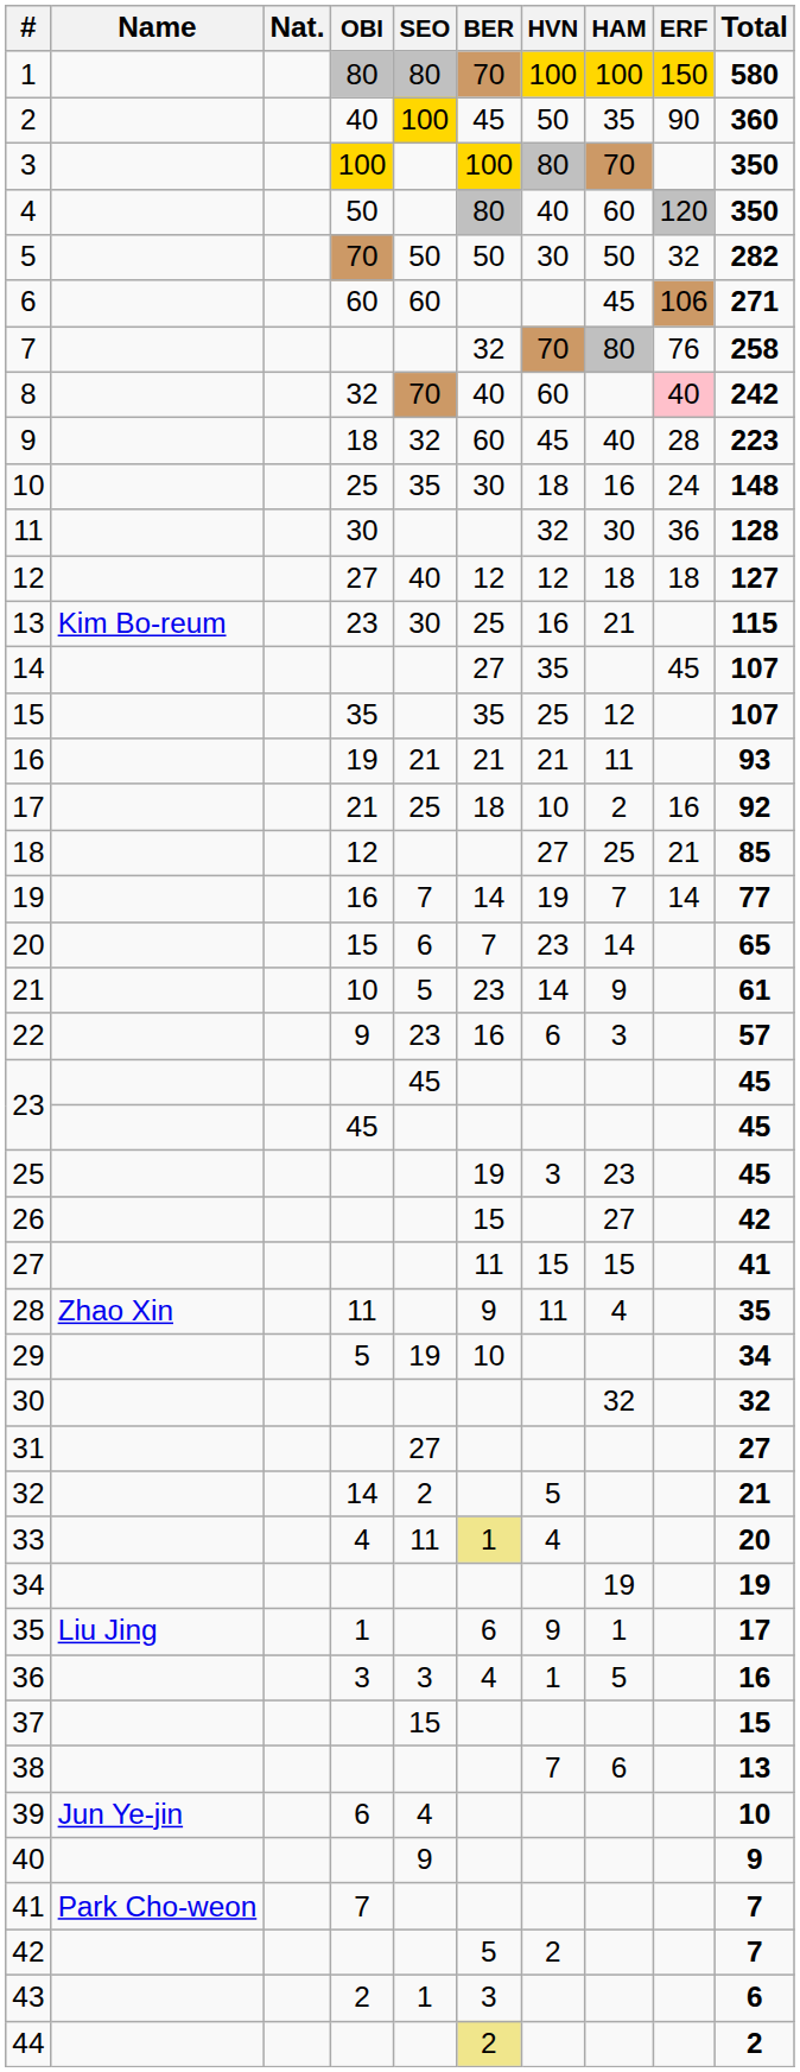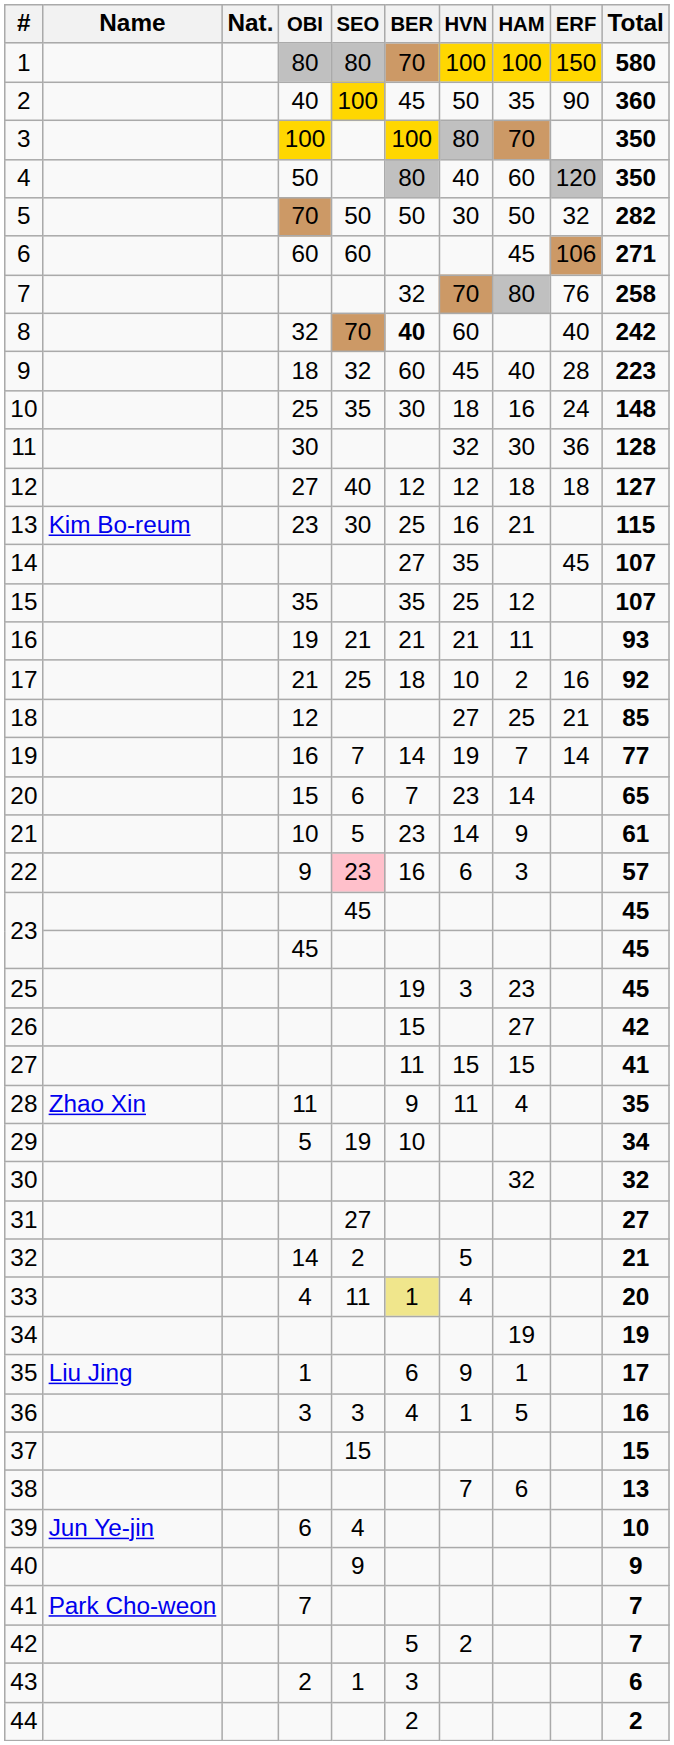 <table class="wikitable sortable" style="text-align:center;">
 <tr>
 <th>#</th>
 <th>Name</th>
 <th>Nat.</th>
 <th><small>OBI</small></th>
 <th><small>SEO</small></th>
 <th><small>BER</small></th>
 <th><small>HVN</small></th>
 <th><small>HAM </small></th>
 <th><small>ERF </small></th>
 <th>Total</th>
 </tr>
 <tr>
 <td>1</td>
 <td align=left></td>
 <td></td>
 <td bgcolor=silver>80</td>
 <td bgcolor=silver>80</td>
 <td bgcolor=cc9966>70</td>
 <td bgcolor=gold>100</td>
 <td bgcolor=gold>100</td>
 <td bgcolor=gold>150</td>
 <td><strong>580</strong></td>
 </tr>
 <tr>
 <td>2</td>
 <td align=left></td>
 <td></td>
 <td>40</td>
 <td bgcolor=gold>100</td>
 <td>45</td>
 <td>50</td>
 <td>35</td>
 <td>90</td>
 <td><strong>360</strong></td>
 </tr>
 <tr>
 <td>3</td>
 <td align=left></td>
 <td></td>
 <td bgcolor=gold>100</td>
 <td></td>
 <td bgcolor=gold>100</td>
 <td bgcolor=silver>80</td>
 <td bgcolor=cc9966>70</td>
 <td></td>
 <td><strong>350</strong></td>
 </tr>
 <tr>
 <td>4</td>
 <td align=left></td>
 <td></td>
 <td>50</td>
 <td></td>
 <td bgcolor=silver>80</td>
 <td>40</td>
 <td>60</td>
 <td bgcolor=silver>120</td>
 <td><strong>350</strong></td>
 </tr>
 <tr>
 <td>5</td>
 <td align=left></td>
 <td></td>
 <td bgcolor=cc9966>70</td>
 <td>50</td>
 <td>50</td>
 <td>30</td>
 <td>50</td>
 <td>32</td>
 <td><strong>282</strong></td>
 </tr>
 <tr>
 <td>6</td>
 <td align=left></td>
 <td></td>
 <td>60</td>
 <td>60</td>
 <td></td>
 <td></td>
 <td>45</td>
 <td bgcolor=cc9966>106</td>
 <td><strong>271</strong></td>
 </tr>
 <tr>
 <td>7</td>
 <td align=left></td>
 <td></td>
 <td></td>
 <td></td>
 <td>32</td>
 <td bgcolor=cc9966>70</td>
 <td bgcolor=silver>80</td>
 <td>76</td>
 <td><strong>258</strong></td>
 </tr>
 <tr>
 <td>8</td>
 <td align=left></td>
 <td></td>
 <td>32</td>
 <td bgcolor=cc9966>70</td>
-<td>40</td>
+<td><strong>40</strong></td>
 <td>60</td>
 <td></td>
-<td style="background: pink;">40</td>
+<td>40</td>
 <td><strong>242</strong></td>
 </tr>
 <tr>
 <td>9</td>
 <td align=left></td>
 <td></td>
 <td>18</td>
 <td>32</td>
 <td>60</td>
 <td>45</td>
 <td>40</td>
 <td>28</td>
 <td><strong>223</strong></td>
 </tr>
 <tr>
 <td>10</td>
 <td align=left></td>
 <td></td>
 <td>25</td>
 <td>35</td>
 <td>30</td>
 <td>18</td>
 <td>16</td>
 <td>24</td>
 <td><strong>148</strong></td>
 </tr>
 <tr>
 <td>11</td>
 <td align=left></td>
 <td></td>
 <td>30</td>
 <td></td>
 <td></td>
 <td>32</td>
 <td>30</td>
 <td>36</td>
 <td><strong>128</strong></td>
 </tr>
 <tr>
 <td>12</td>
 <td align=left></td>
 <td></td>
 <td>27</td>
 <td>40</td>
 <td>12</td>
 <td>12</td>
 <td>18</td>
 <td>18</td>
 <td><strong>127</strong></td>
 </tr>
 <tr>
 <td>13</td>
 <td align=left><a href='#'>Kim Bo-reum</a></td>
 <td></td>
 <td>23</td>
 <td>30</td>
 <td>25</td>
 <td>16</td>
 <td>21</td>
 <td></td>
 <td><strong>115</strong></td>
 </tr>
 <tr>
 <td>14</td>
 <td align=left></td>
 <td></td>
 <td></td>
 <td></td>
 <td>27</td>
 <td>35</td>
 <td></td>
 <td>45</td>
 <td><strong>107</strong></td>
 </tr>
 <tr>
 <td>15</td>
 <td align=left></td>
 <td></td>
 <td>35</td>
 <td></td>
 <td>35</td>
 <td>25</td>
 <td>12</td>
 <td></td>
 <td><strong>107</strong></td>
 </tr>
 <tr>
 <td>16</td>
 <td align=left></td>
 <td></td>
 <td>19</td>
 <td>21</td>
 <td>21</td>
 <td>21</td>
 <td>11</td>
 <td></td>
 <td><strong>93</strong></td>
 </tr>
 <tr>
 <td>17</td>
 <td align=left></td>
 <td></td>
 <td>21</td>
 <td>25</td>
 <td>18</td>
 <td>10</td>
 <td>2</td>
 <td>16</td>
 <td><strong>92</strong></td>
 </tr>
 <tr>
 <td>18</td>
 <td align=left></td>
 <td></td>
 <td>12</td>
 <td></td>
 <td></td>
 <td>27</td>
 <td>25</td>
 <td>21</td>
 <td><strong>85</strong></td>
 </tr>
 <tr>
 <td>19</td>
 <td align=left></td>
 <td></td>
 <td>16</td>
 <td>7</td>
 <td>14</td>
 <td>19</td>
 <td>7</td>
 <td>14</td>
 <td><strong>77</strong></td>
 </tr>
 <tr>
 <td>20</td>
 <td align=left></td>
 <td></td>
 <td>15</td>
 <td>6</td>
 <td>7</td>
 <td>23</td>
 <td>14</td>
 <td></td>
 <td><strong>65</strong></td>
 </tr>
 <tr>
 <td>21</td>
 <td align=left></td>
 <td></td>
 <td>10</td>
 <td>5</td>
 <td>23</td>
 <td>14</td>
 <td>9</td>
 <td></td>
 <td><strong>61</strong></td>
 </tr>
 <tr>
 <td>22</td>
 <td align=left></td>
 <td></td>
 <td>9</td>
-<td>23</td>
+<td style="background: pink;">23</td>
 <td>16</td>
 <td>6</td>
 <td>3</td>
 <td></td>
 <td><strong>57</strong></td>
 </tr>
 <tr>
 <td rowspan=2>23</td>
 <td align=left></td>
 <td></td>
 <td></td>
 <td>45</td>
 <td></td>
 <td></td>
 <td></td>
 <td></td>
 <td><strong>45</strong></td>
 </tr>
 <tr>
 <td align=left></td>
 <td></td>
 <td>45</td>
 <td></td>
 <td></td>
 <td></td>
 <td></td>
 <td></td>
 <td><strong>45</strong></td>
 </tr>
 <tr>
 <td>25</td>
 <td align=left></td>
 <td></td>
 <td></td>
 <td></td>
 <td>19</td>
 <td>3</td>
 <td>23</td>
 <td></td>
 <td><strong>45</strong></td>
 </tr>
 <tr>
 <td>26</td>
 <td align=left></td>
 <td></td>
 <td></td>
 <td></td>
 <td>15</td>
 <td></td>
 <td>27</td>
 <td></td>
 <td><strong>42</strong></td>
 </tr>
 <tr>
 <td>27</td>
 <td align=left></td>
 <td></td>
 <td></td>
 <td></td>
 <td>11</td>
 <td>15</td>
 <td>15</td>
 <td></td>
 <td><strong>41</strong></td>
 </tr>
 <tr>
 <td>28</td>
 <td align=left><a href='#'>Zhao Xin</a></td>
 <td></td>
 <td>11</td>
 <td></td>
 <td>9</td>
 <td>11</td>
 <td>4</td>
 <td></td>
 <td><strong>35</strong></td>
 </tr>
 <tr>
 <td>29</td>
 <td align=left></td>
 <td></td>
 <td>5</td>
 <td>19</td>
 <td>10</td>
 <td></td>
 <td></td>
 <td></td>
 <td><strong>34</strong></td>
 </tr>
 <tr>
 <td>30</td>
 <td align=left></td>
 <td></td>
 <td></td>
 <td></td>
 <td></td>
 <td></td>
 <td>32</td>
 <td></td>
 <td><strong>32</strong></td>
 </tr>
 <tr>
 <td>31</td>
 <td align=left></td>
 <td></td>
 <td></td>
 <td>27</td>
 <td></td>
 <td></td>
 <td></td>
 <td></td>
 <td><strong>27</strong></td>
 </tr>
 <tr>
 <td>32</td>
 <td align=left></td>
 <td></td>
 <td>14</td>
 <td>2</td>
 <td></td>
 <td>5</td>
 <td></td>
 <td></td>
 <td><strong>21</strong></td>
 </tr>
 <tr>
 <td>33</td>
 <td align=left></td>
 <td></td>
 <td>4</td>
 <td>11</td>
 <td style="background: khaki;">1</td>
 <td>4</td>
 <td></td>
 <td></td>
 <td><strong>20</strong></td>
 </tr>
 <tr>
 <td>34</td>
 <td align=left></td>
 <td></td>
 <td></td>
 <td></td>
 <td></td>
 <td></td>
 <td>19</td>
 <td></td>
 <td><strong>19</strong></td>
 </tr>
 <tr>
 <td>35</td>
 <td align=left><a href='#'>Liu Jing</a></td>
 <td></td>
 <td>1</td>
 <td></td>
 <td>6</td>
 <td>9</td>
 <td>1</td>
 <td></td>
 <td><strong>17</strong></td>
 </tr>
 <tr>
 <td>36</td>
 <td align=left></td>
 <td></td>
 <td>3</td>
 <td>3</td>
 <td>4</td>
 <td>1</td>
 <td>5</td>
 <td></td>
 <td><strong>16</strong></td>
 </tr>
 <tr>
 <td>37</td>
 <td align=left></td>
 <td></td>
 <td></td>
 <td>15</td>
 <td></td>
 <td></td>
 <td></td>
 <td></td>
 <td><strong>15</strong></td>
 </tr>
 <tr>
 <td>38</td>
 <td align=left></td>
 <td></td>
 <td></td>
 <td></td>
 <td></td>
 <td>7</td>
 <td>6</td>
 <td></td>
 <td><strong>13</strong></td>
 </tr>
 <tr>
 <td>39</td>
 <td align=left><a href='#'>Jun Ye-jin</a></td>
 <td></td>
 <td>6</td>
 <td>4</td>
 <td></td>
 <td></td>
 <td></td>
 <td></td>
 <td><strong>10</strong></td>
 </tr>
 <tr>
 <td>40</td>
 <td align=left></td>
 <td></td>
 <td></td>
 <td>9</td>
 <td></td>
 <td></td>
 <td></td>
 <td></td>
 <td><strong>9</strong></td>
 </tr>
 <tr>
 <td>41</td>
 <td align=left><a href='#'>Park Cho-weon</a></td>
 <td></td>
 <td>7</td>
 <td></td>
 <td></td>
 <td></td>
 <td></td>
 <td></td>
 <td><strong>7</strong></td>
 </tr>
 <tr>
 <td>42</td>
 <td align=left></td>
 <td></td>
 <td></td>
 <td></td>
 <td>5</td>
 <td>2</td>
 <td></td>
 <td></td>
 <td><strong>7</strong></td>
 </tr>
 <tr>
 <td>43</td>
 <td align=left></td>
 <td></td>
 <td>2</td>
 <td>1</td>
 <td>3</td>
 <td></td>
 <td></td>
 <td></td>
 <td><strong>6</strong></td>
 </tr>
 <tr>
 <td>44</td>
 <td align=left></td>
 <td></td>
 <td></td>
 <td></td>
-<td style="background: khaki;">2</td>
+<td>2</td>
 <td></td>
 <td></td>
 <td></td>
 <td><strong>2</strong></td>
 </tr>
 </table>
